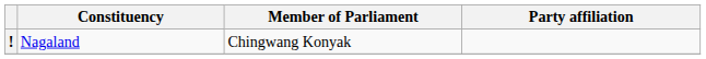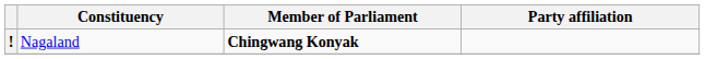 <table class="wikitable sortable">
 <tr style="text-align:center;">
 <th></th>
 <th style="width:13em">Constituency</th>
 <th style="width:15em">Member of Parliament</th>
 <th colspan="2" style="width:15em">Party affiliation</th>
 </tr>
 <tr>
 <th>!</th>
 <td><a href='#'>Nagaland</a></td>
-<td>Chingwang Konyak</td>
+<td><strong>Chingwang Konyak</strong></td>
 <td></td>
 </tr>
 <tr>
 </tr>
 </table>
